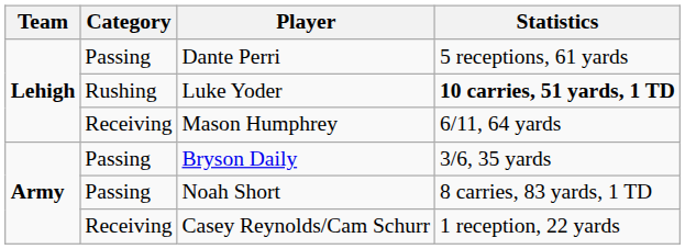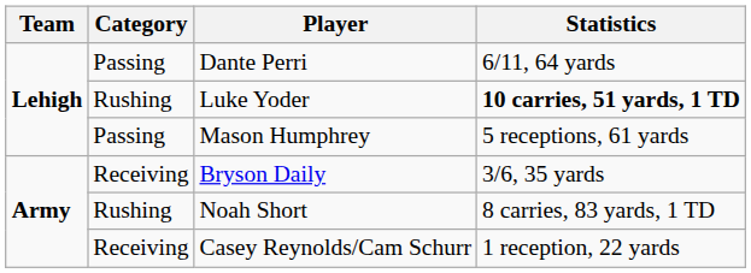 <table class="wikitable" style="float: right;">
 <tr>
 <th>Team</th>
 <th>Category</th>
 <th>Player</th>
 <th>Statistics</th>
 </tr>
 <tr>
 <td rowspan=3><strong>Lehigh</strong></td>
 <td>Passing</td>
 <td>Dante Perri</td>
-<td>5 receptions, 61 yards</td>
+<td>6/11, 64 yards</td>
 </tr>
 <tr>
 <td>Rushing</td>
 <td>Luke Yoder</td>
 <td><strong>10 carries, 51 yards, 1 TD</strong></td>
 </tr>
 <tr>
-<td>Receiving</td>
+<td>Passing</td>
 <td>Mason Humphrey</td>
-<td>6/11, 64 yards</td>
+<td>5 receptions, 61 yards</td>
 </tr>
 <tr>
 <td rowspan=3><strong>Army</strong></td>
-<td>Passing</td>
+<td>Receiving</td>
 <td><a href='#'>Bryson Daily</a></td>
 <td>3/6, 35 yards</td>
 </tr>
 <tr>
-<td>Passing</td>
+<td>Rushing</td>
 <td>Noah Short</td>
 <td>8 carries, 83 yards, 1 TD</td>
 </tr>
 <tr>
 <td>Receiving</td>
 <td>Casey Reynolds/Cam Schurr</td>
 <td>1 reception, 22 yards</td>
 </tr>
 </table>
